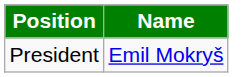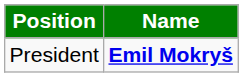 <table class="wikitable">
 <tr>
 <th style="color:#FFFFFF; background:#008000">Position</th>
 <th style="color:#FFFFFF; background:#008000">Name</th>
 </tr>
 <tr>
 <td>President</td>
-<td> <a href='#'>Emil Mokryš</a></td>
+<td><strong> <a href='#'>Emil Mokryš</a></strong></td>
 </tr>
 </table>
